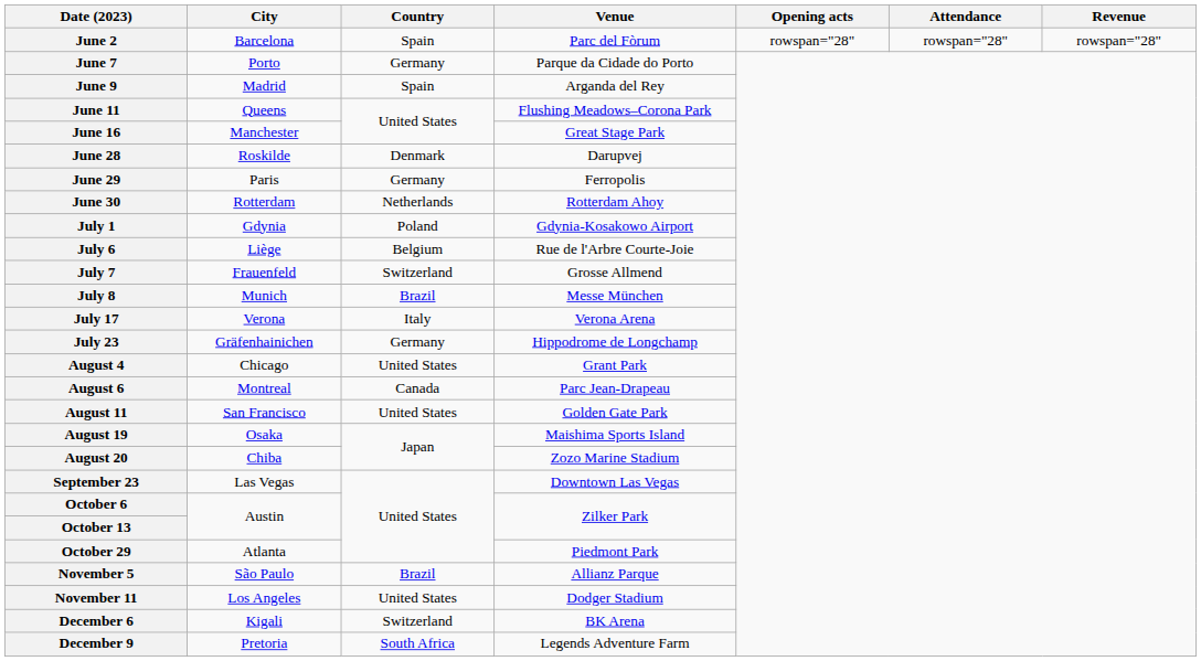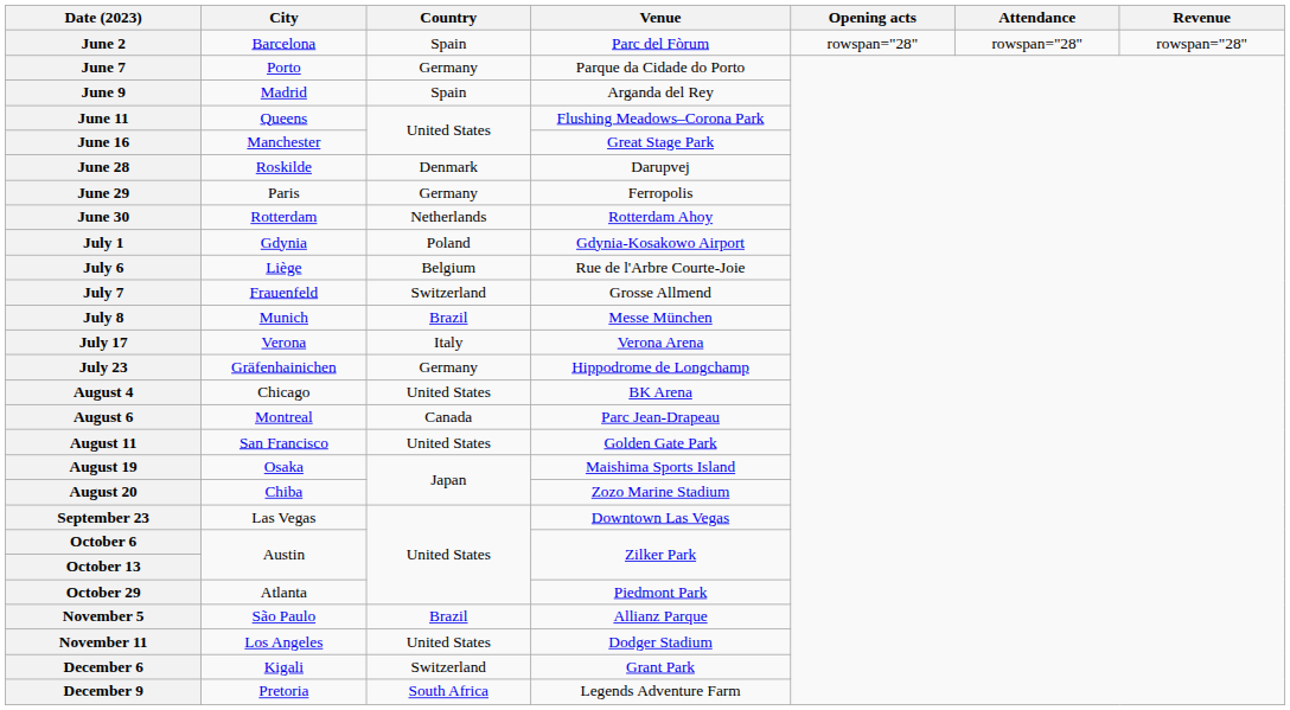 <table class="wikitable plainrowheaders" style="text-align:center;">
 <tr>
 <th scope="col" style="width:12em;">Date (2023)</th>
 <th scope="col" style="width:10em;">City</th>
 <th scope="col" style="width:10em;">Country</th>
 <th scope="col" style="width:16em;">Venue</th>
 <th scope="col" style="width:10em;">Opening acts</th>
 <th scope="col" style="width:10em;">Attendance</th>
 <th scope="col" style="width:10em;">Revenue</th>
 </tr>
 <tr>
 <th scope="row" style="text-align:center;">June 2</th>
 <td><a href='#'>Barcelona</a></td>
 <td>Spain</td>
 <td><a href='#'>Parc del Fòrum</a></td>
 <td>rowspan="28" </td>
 <td>rowspan="28" </td>
 <td>rowspan="28" </td>
 </tr>
 <tr>
 <th scope="row" style="text-align:center;">June 7</th>
 <td><a href='#'>Porto</a></td>
 <td>Germany</td>
 <td>Parque da Cidade do Porto</td>
 </tr>
 <tr>
 <th scope="row" style="text-align:center;">June 9</th>
 <td><a href='#'>Madrid</a></td>
 <td>Spain</td>
 <td>Arganda del Rey</td>
 </tr>
 <tr>
 <th scope="row" style="text-align:center;">June 11</th>
 <td><a href='#'>Queens</a></td>
 <td rowspan="2">United States</td>
 <td><a href='#'>Flushing Meadows–Corona Park</a></td>
 </tr>
 <tr>
 <th scope="row" style="text-align:center;">June 16</th>
 <td><a href='#'>Manchester</a></td>
 <td><a href='#'>Great Stage Park</a></td>
 </tr>
 <tr>
 <th scope="row" style="text-align:center;">June 28</th>
 <td><a href='#'>Roskilde</a></td>
 <td>Denmark</td>
 <td>Darupvej</td>
 </tr>
 <tr>
 <th scope="row" style="text-align:center;">June 29</th>
 <td>Paris</td>
 <td>Germany</td>
 <td>Ferropolis</td>
 </tr>
 <tr>
 <th scope="row" style="text-align:center;">June 30</th>
 <td><a href='#'>Rotterdam</a></td>
 <td>Netherlands</td>
 <td><a href='#'>Rotterdam Ahoy</a></td>
 </tr>
 <tr>
 <th scope="row" style="text-align:center;">July 1</th>
 <td><a href='#'>Gdynia</a></td>
 <td>Poland</td>
 <td><a href='#'>Gdynia-Kosakowo Airport</a></td>
 </tr>
 <tr>
 <th scope="row" style="text-align:center;">July 6</th>
 <td><a href='#'>Liège</a></td>
 <td>Belgium</td>
 <td>Rue de l'Arbre Courte-Joie</td>
 </tr>
 <tr>
 <th scope="row" style="text-align:center;">July 7</th>
 <td><a href='#'>Frauenfeld</a></td>
 <td>Switzerland</td>
 <td>Grosse Allmend</td>
 </tr>
 <tr>
 <th scope="row" style="text-align:center;">July 8</th>
 <td><a href='#'>Munich</a></td>
 <td><a href='#'>Brazil</a></td>
 <td><a href='#'>Messe München</a></td>
 </tr>
 <tr>
 <th scope="row" style="text-align:center;">July 17</th>
 <td><a href='#'>Verona</a></td>
 <td>Italy</td>
 <td><a href='#'>Verona Arena</a></td>
 </tr>
 <tr>
 <th scope="row" style="text-align:center;">July 23</th>
 <td><a href='#'>Gräfenhainichen</a></td>
 <td>Germany</td>
 <td><a href='#'>Hippodrome de Longchamp</a></td>
 </tr>
 <tr>
 <th scope="row" style="text-align:center;">August 4</th>
 <td>Chicago</td>
 <td>United States</td>
-<td><a href='#'>Grant Park</a></td>
+<td><a href='#'>BK Arena</a></td>
 </tr>
 <tr>
 <th scope="row" style="text-align:center;">August 6</th>
 <td><a href='#'>Montreal</a></td>
 <td>Canada</td>
 <td><a href='#'>Parc Jean-Drapeau</a></td>
 </tr>
 <tr>
 <th scope="row" style="text-align:center;">August 11</th>
 <td><a href='#'>San Francisco</a></td>
 <td>United States</td>
 <td><a href='#'>Golden Gate Park</a></td>
 </tr>
 <tr>
 <th scope="row" style="text-align:center;">August 19</th>
 <td><a href='#'>Osaka</a></td>
 <td rowspan="2">Japan</td>
 <td><a href='#'>Maishima Sports Island</a></td>
 </tr>
 <tr>
 <th scope="row" style="text-align:center;">August 20</th>
 <td><a href='#'>Chiba</a></td>
 <td><a href='#'>Zozo Marine Stadium</a></td>
 </tr>
 <tr>
 <th scope="row" style="text-align:center;">September 23</th>
 <td>Las Vegas</td>
 <td rowspan="4">United States</td>
 <td><a href='#'>Downtown Las Vegas</a></td>
 </tr>
 <tr>
 <th scope="row" style="text-align:center;">October 6</th>
 <td rowspan="2">Austin</td>
 <td rowspan="2"><a href='#'>Zilker Park</a></td>
 </tr>
 <tr>
 <th scope="row" style="text-align:center;">October 13</th>
 </tr>
 <tr>
 <th scope="row" style="text-align:center;">October 29</th>
 <td>Atlanta</td>
 <td><a href='#'>Piedmont Park</a></td>
 </tr>
 <tr>
 <th scope="row" style="text-align:center;">November 5</th>
 <td><a href='#'>São Paulo</a></td>
 <td><a href='#'>Brazil</a></td>
 <td><a href='#'>Allianz Parque</a></td>
 </tr>
 <tr>
 <th scope="row" style="text-align:center;">November 11</th>
 <td><a href='#'>Los Angeles</a></td>
 <td>United States</td>
 <td><a href='#'>Dodger Stadium</a></td>
 </tr>
 <tr>
 <th scope="row" style="text-align:center;">December 6</th>
 <td><a href='#'>Kigali</a></td>
 <td>Switzerland</td>
-<td><a href='#'>BK Arena</a></td>
+<td><a href='#'>Grant Park</a></td>
 </tr>
 <tr>
 <th scope="row" style="text-align:center;">December 9</th>
 <td><a href='#'>Pretoria</a></td>
 <td><a href='#'>South Africa</a></td>
 <td>Legends Adventure Farm</td>
 </tr>
 </table>
